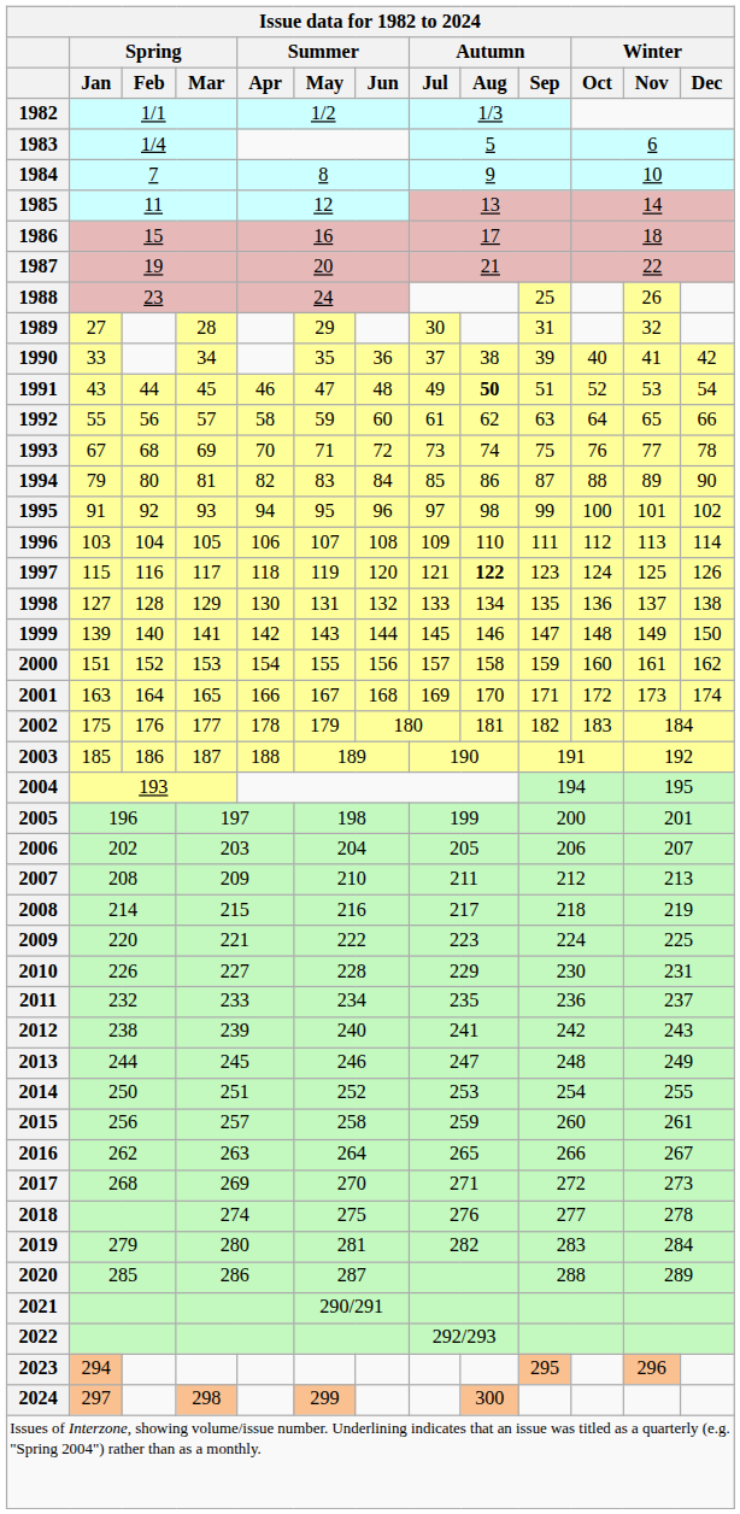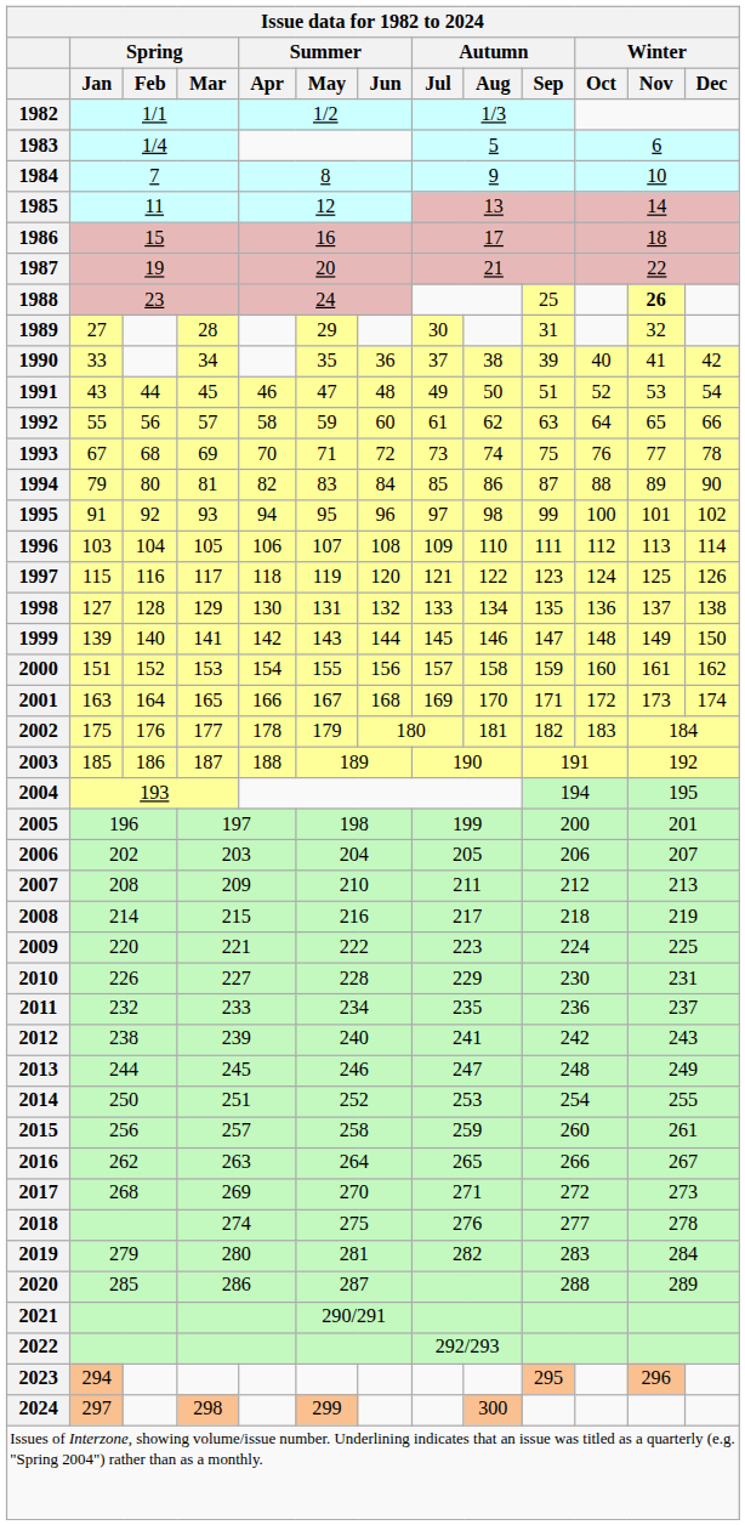 <table class="wikitable collapsible collapsed" style="max-width:500px; font-size: 10pt; line-height: 11pt; margin-left: 2em; text-align: center; float: right">
 <tr>
 <th colspan="13">Issue data for 1982 to 2024</th>
 </tr>
 <tr>
 <th></th>
 <th colspan="3">Spring</th>
 <th colspan="3">Summer</th>
 <th colspan="3">Autumn</th>
 <th colspan="3">Winter</th>
 </tr>
 <tr>
 <th></th>
 <th>Jan</th>
 <th>Feb</th>
 <th>Mar</th>
 <th>Apr</th>
 <th>May</th>
 <th>Jun</th>
 <th>Jul</th>
 <th>Aug</th>
 <th>Sep</th>
 <th>Oct</th>
 <th>Nov</th>
 <th>Dec</th>
 </tr>
 <tr>
 <th>1982</th>
 <td colspan="3" bgcolor="#ccffff"><u>1/1</u></td>
 <td colspan="3" bgcolor="#ccffff"><u>1/2</u></td>
 <td colspan="3" bgcolor="#ccffff"><u>1/3</u></td>
 <td colspan="3"></td>
 </tr>
 <tr>
 <th>1983</th>
 <td colspan="3" bgcolor="#ccffff"><u>1/4</u></td>
 <td colspan="3"></td>
 <td colspan="3" bgcolor="#ccffff"><u>5</u></td>
 <td colspan="3" bgcolor="#ccffff"><u>6</u></td>
 </tr>
 <tr>
 <th>1984</th>
 <td colspan="3" bgcolor="#ccffff"><u>7</u></td>
 <td colspan="3" bgcolor="#ccffff"><u>8</u></td>
 <td colspan="3" bgcolor="#ccffff"><u>9</u></td>
 <td colspan="3" bgcolor="#ccffff"><u>10</u></td>
 </tr>
 <tr>
 <th>1985</th>
 <td colspan="3" bgcolor="#ccffff"><u>11</u></td>
 <td colspan="3" bgcolor="#ccffff"><u>12</u></td>
 <td colspan="3" bgcolor="#e6b9b8"><u>13</u></td>
 <td colspan="3" bgcolor="#e6b9b8"><u>14</u></td>
 </tr>
 <tr>
 <th>1986</th>
 <td colspan="3" bgcolor="#e6b9b8"><u>15</u></td>
 <td colspan="3" bgcolor="#e6b9b8"><u>16</u></td>
 <td colspan="3" bgcolor="#e6b9b8"><u>17</u></td>
 <td colspan="3" bgcolor="#e6b9b8"><u>18</u></td>
 </tr>
 <tr>
 <th>1987</th>
 <td colspan="3" bgcolor="#e6b9b8"><u>19</u></td>
 <td colspan="3" bgcolor="#e6b9b8"><u>20</u></td>
 <td colspan="3" bgcolor="#e6b9b8"><u>21</u></td>
 <td colspan="3" bgcolor="#e6b9b8"><u>22</u></td>
 </tr>
 <tr>
 <th>1988</th>
 <td colspan="3" bgcolor="#e6b9b8"><u>23</u></td>
 <td colspan="3" bgcolor="#e6b9b8"><u>24</u></td>
 <td colspan="2"></td>
 <td bgcolor="#ffff99">25</td>
 <td></td>
-<td bgcolor="#ffff99">26</td>
+<td bgcolor="#ffff99"><strong>26</strong></td>
 <td></td>
 </tr>
 <tr>
 <th>1989</th>
 <td bgcolor="#ffff99">27</td>
 <td></td>
 <td bgcolor="#ffff99">28</td>
 <td></td>
 <td bgcolor="#ffff99">29</td>
 <td></td>
 <td bgcolor="#ffff99">30</td>
 <td></td>
 <td bgcolor="#ffff99">31</td>
 <td></td>
 <td bgcolor="#ffff99">32</td>
 <td></td>
 </tr>
 <tr>
 <th>1990</th>
 <td bgcolor="#ffff99">33</td>
 <td></td>
 <td bgcolor="#ffff99">34</td>
 <td></td>
 <td bgcolor="#ffff99">35</td>
 <td bgcolor="#ffff99">36</td>
 <td bgcolor="#ffff99">37</td>
 <td bgcolor="#ffff99">38</td>
 <td bgcolor="#ffff99">39</td>
 <td bgcolor="#ffff99">40</td>
 <td bgcolor="#ffff99">41</td>
 <td bgcolor="#ffff99">42</td>
 </tr>
 <tr>
 <th>1991</th>
 <td bgcolor="#ffff99">43</td>
 <td bgcolor="#ffff99">44</td>
 <td bgcolor="#ffff99">45</td>
 <td bgcolor="#ffff99">46</td>
 <td bgcolor="#ffff99">47</td>
 <td bgcolor="#ffff99">48</td>
 <td bgcolor="#ffff99">49</td>
-<td bgcolor="#ffff99"><strong>50</strong></td>
+<td bgcolor="#ffff99">50</td>
 <td bgcolor="#ffff99">51</td>
 <td bgcolor="#ffff99">52</td>
 <td bgcolor="#ffff99">53</td>
 <td bgcolor="#ffff99">54</td>
 </tr>
 <tr>
 <th>1992</th>
 <td bgcolor="#ffff99">55</td>
 <td bgcolor="#ffff99">56</td>
 <td bgcolor="#ffff99">57</td>
 <td bgcolor="#ffff99">58</td>
 <td bgcolor="#ffff99">59</td>
 <td bgcolor="#ffff99">60</td>
 <td bgcolor="#ffff99">61</td>
 <td bgcolor="#ffff99">62</td>
 <td bgcolor="#ffff99">63</td>
 <td bgcolor="#ffff99">64</td>
 <td bgcolor="#ffff99">65</td>
 <td bgcolor="#ffff99">66</td>
 </tr>
 <tr>
 <th>1993</th>
 <td bgcolor="#ffff99">67</td>
 <td bgcolor="#ffff99">68</td>
 <td bgcolor="#ffff99">69</td>
 <td bgcolor="#ffff99">70</td>
 <td bgcolor="#ffff99">71</td>
 <td bgcolor="#ffff99">72</td>
 <td bgcolor="#ffff99">73</td>
 <td bgcolor="#ffff99">74</td>
 <td bgcolor="#ffff99">75</td>
 <td bgcolor="#ffff99">76</td>
 <td bgcolor="#ffff99">77</td>
 <td bgcolor="#ffff99">78</td>
 </tr>
 <tr>
 <th>1994</th>
 <td bgcolor="#ffff99">79</td>
 <td bgcolor="#ffff99">80</td>
 <td bgcolor="#ffff99">81</td>
 <td bgcolor="#ffff99">82</td>
 <td bgcolor="#ffff99">83</td>
 <td bgcolor="#ffff99">84</td>
 <td bgcolor="#ffff99">85</td>
 <td bgcolor="#ffff99">86</td>
 <td bgcolor="#ffff99">87</td>
 <td bgcolor="#ffff99">88</td>
 <td bgcolor="#ffff99">89</td>
 <td bgcolor="#ffff99">90</td>
 </tr>
 <tr>
 <th>1995</th>
 <td bgcolor="#ffff99">91</td>
 <td bgcolor="#ffff99">92</td>
 <td bgcolor="#ffff99">93</td>
 <td bgcolor="#ffff99">94</td>
 <td bgcolor="#ffff99">95</td>
 <td bgcolor="#ffff99">96</td>
 <td bgcolor="#ffff99">97</td>
 <td bgcolor="#ffff99">98</td>
 <td bgcolor="#ffff99">99</td>
 <td bgcolor="#ffff99">100</td>
 <td bgcolor="#ffff99">101</td>
 <td bgcolor="#ffff99">102</td>
 </tr>
 <tr>
 <th>1996</th>
 <td bgcolor="#ffff99">103</td>
 <td bgcolor="#ffff99">104</td>
 <td bgcolor="#ffff99">105</td>
 <td bgcolor="#ffff99">106</td>
 <td bgcolor="#ffff99">107</td>
 <td bgcolor="#ffff99">108</td>
 <td bgcolor="#ffff99">109</td>
 <td bgcolor="#ffff99">110</td>
 <td bgcolor="#ffff99">111</td>
 <td bgcolor="#ffff99">112</td>
 <td bgcolor="#ffff99">113</td>
 <td bgcolor="#ffff99">114</td>
 </tr>
 <tr>
 <th>1997</th>
 <td bgcolor="#ffff99">115</td>
 <td bgcolor="#ffff99">116</td>
 <td bgcolor="#ffff99">117</td>
 <td bgcolor="#ffff99">118</td>
 <td bgcolor="#ffff99">119</td>
 <td bgcolor="#ffff99">120</td>
 <td bgcolor="#ffff99">121</td>
-<td bgcolor="#ffff99"><strong>122</strong></td>
+<td bgcolor="#ffff99">122</td>
 <td bgcolor="#ffff99">123</td>
 <td bgcolor="#ffff99">124</td>
 <td bgcolor="#ffff99">125</td>
 <td bgcolor="#ffff99">126</td>
 </tr>
 <tr>
 <th>1998</th>
 <td bgcolor="#ffff99">127</td>
 <td bgcolor="#ffff99">128</td>
 <td bgcolor="#ffff99">129</td>
 <td bgcolor="#ffff99">130</td>
 <td bgcolor="#ffff99">131</td>
 <td bgcolor="#ffff99">132</td>
 <td bgcolor="#ffff99">133</td>
 <td bgcolor="#ffff99">134</td>
 <td bgcolor="#ffff99">135</td>
 <td bgcolor="#ffff99">136</td>
 <td bgcolor="#ffff99">137</td>
 <td bgcolor="#ffff99">138</td>
 </tr>
 <tr>
 <th>1999</th>
 <td bgcolor="#ffff99">139</td>
 <td bgcolor="#ffff99">140</td>
 <td bgcolor="#ffff99">141</td>
 <td bgcolor="#ffff99">142</td>
 <td bgcolor="#ffff99">143</td>
 <td bgcolor="#ffff99">144</td>
 <td bgcolor="#ffff99">145</td>
 <td bgcolor="#ffff99">146</td>
 <td bgcolor="#ffff99">147</td>
 <td bgcolor="#ffff99">148</td>
 <td bgcolor="#ffff99">149</td>
 <td bgcolor="#ffff99">150</td>
 </tr>
 <tr>
 <th>2000</th>
 <td bgcolor="#ffff99">151</td>
 <td bgcolor="#ffff99">152</td>
 <td bgcolor="#ffff99">153</td>
 <td bgcolor="#ffff99">154</td>
 <td bgcolor="#ffff99">155</td>
 <td bgcolor="#ffff99">156</td>
 <td bgcolor="#ffff99">157</td>
 <td bgcolor="#ffff99">158</td>
 <td bgcolor="#ffff99">159</td>
 <td bgcolor="#ffff99">160</td>
 <td bgcolor="#ffff99">161</td>
 <td bgcolor="#ffff99">162</td>
 </tr>
 <tr>
 <th>2001</th>
 <td bgcolor="#ffff99">163</td>
 <td bgcolor="#ffff99">164</td>
 <td bgcolor="#ffff99">165</td>
 <td bgcolor="#ffff99">166</td>
 <td bgcolor="#ffff99">167</td>
 <td bgcolor="#ffff99">168</td>
 <td bgcolor="#ffff99">169</td>
 <td bgcolor="#ffff99">170</td>
 <td bgcolor="#ffff99">171</td>
 <td bgcolor="#ffff99">172</td>
 <td bgcolor="#ffff99">173</td>
 <td bgcolor="#ffff99">174</td>
 </tr>
 <tr>
 <th>2002</th>
 <td bgcolor="#ffff99">175</td>
 <td bgcolor="#ffff99">176</td>
 <td bgcolor="#ffff99">177</td>
 <td bgcolor="#ffff99">178</td>
 <td bgcolor="#ffff99">179</td>
 <td colspan="2" bgcolor="#ffff99">180</td>
 <td bgcolor="#ffff99">181</td>
 <td bgcolor="#ffff99">182</td>
 <td bgcolor="#ffff99">183</td>
 <td colspan="2" bgcolor="#ffff99">184</td>
 </tr>
 <tr>
 <th>2003</th>
 <td bgcolor="#ffff99">185</td>
 <td bgcolor="#ffff99">186</td>
 <td bgcolor="#ffff99">187</td>
 <td bgcolor="#ffff99">188</td>
 <td colspan="2" bgcolor="#ffff99">189</td>
 <td colspan="2" bgcolor="#ffff99">190</td>
 <td colspan="2" bgcolor="#ffff99">191</td>
 <td colspan="2" bgcolor="#ffff99">192</td>
 </tr>
 <tr>
 <th>2004</th>
 <td colspan="3" bgcolor="#ffff99"><u>193</u></td>
 <td colspan="5"></td>
 <td colspan="2" bgcolor="#c3f9bf">194</td>
 <td colspan="2" bgcolor="#c3f9bf">195</td>
 </tr>
 <tr>
 <th>2005</th>
 <td colspan="2" bgcolor="#c3f9bf">196</td>
 <td colspan="2" bgcolor="#c3f9bf">197</td>
 <td colspan="2" bgcolor="#c3f9bf">198</td>
 <td colspan="2" bgcolor="#c3f9bf">199</td>
 <td colspan="2" bgcolor="#c3f9bf">200</td>
 <td colspan="2" bgcolor="#c3f9bf">201</td>
 </tr>
 <tr>
 <th>2006</th>
 <td colspan="2" bgcolor="#c3f9bf">202</td>
 <td colspan="2" bgcolor="#c3f9bf">203</td>
 <td colspan="2" bgcolor="#c3f9bf">204</td>
 <td colspan="2" bgcolor="#c3f9bf">205</td>
 <td colspan="2" bgcolor="#c3f9bf">206</td>
 <td colspan="2" bgcolor="#c3f9bf">207</td>
 </tr>
 <tr>
 <th>2007</th>
 <td colspan="2" bgcolor="#c3f9bf">208</td>
 <td colspan="2" bgcolor="#c3f9bf">209</td>
 <td colspan="2" bgcolor="#c3f9bf">210</td>
 <td colspan="2" bgcolor="#c3f9bf">211</td>
 <td colspan="2" bgcolor="#c3f9bf">212</td>
 <td colspan="2" bgcolor="#c3f9bf">213</td>
 </tr>
 <tr>
 <th>2008</th>
 <td colspan="2" bgcolor="#c3f9bf">214</td>
 <td colspan="2" bgcolor="#c3f9bf">215</td>
 <td colspan="2" bgcolor="#c3f9bf">216</td>
 <td colspan="2" bgcolor="#c3f9bf">217</td>
 <td colspan="2" bgcolor="#c3f9bf">218</td>
 <td colspan="2" bgcolor="#c3f9bf">219</td>
 </tr>
 <tr>
 <th>2009</th>
 <td colspan="2" bgcolor="#c3f9bf">220</td>
 <td colspan="2" bgcolor="#c3f9bf">221</td>
 <td colspan="2" bgcolor="#c3f9bf">222</td>
 <td colspan="2" bgcolor="#c3f9bf">223</td>
 <td colspan="2" bgcolor="#c3f9bf">224</td>
 <td colspan="2" bgcolor="#c3f9bf">225</td>
 </tr>
 <tr>
 <th>2010</th>
 <td colspan="2" bgcolor="#c3f9bf">226</td>
 <td colspan="2" bgcolor="#c3f9bf">227</td>
 <td colspan="2" bgcolor="#c3f9bf">228</td>
 <td colspan="2" bgcolor="#c3f9bf">229</td>
 <td colspan="2" bgcolor="#c3f9bf">230</td>
 <td colspan="2" bgcolor="#c3f9bf">231</td>
 </tr>
 <tr>
 <th>2011</th>
 <td colspan="2" bgcolor="#c3f9bf">232</td>
 <td colspan="2" bgcolor="#c3f9bf">233</td>
 <td colspan="2" bgcolor="#c3f9bf">234</td>
 <td colspan="2" bgcolor="#c3f9bf">235</td>
 <td colspan="2" bgcolor="#c3f9bf">236</td>
 <td colspan="2" bgcolor="#c3f9bf">237</td>
 </tr>
 <tr>
 <th>2012</th>
 <td colspan="2" bgcolor="#c3f9bf">238</td>
 <td colspan="2" bgcolor="#c3f9bf">239</td>
 <td colspan="2" bgcolor="#c3f9bf">240</td>
 <td colspan="2" bgcolor="#c3f9bf">241</td>
 <td colspan="2" bgcolor="#c3f9bf">242</td>
 <td colspan="2" bgcolor="#c3f9bf">243</td>
 </tr>
 <tr>
 <th>2013</th>
 <td colspan="2" bgcolor="#c3f9bf">244</td>
 <td colspan="2" bgcolor="#c3f9bf">245</td>
 <td colspan="2" bgcolor="#c3f9bf">246</td>
 <td colspan="2" bgcolor="#c3f9bf">247</td>
 <td colspan="2" bgcolor="#c3f9bf">248</td>
 <td colspan="2" bgcolor="#c3f9bf">249</td>
 </tr>
 <tr>
 <th>2014</th>
 <td colspan="2" bgcolor="#c3f9bf">250</td>
 <td colspan="2" bgcolor="#c3f9bf">251</td>
 <td colspan="2" bgcolor="#c3f9bf">252</td>
 <td colspan="2" bgcolor="#c3f9bf">253</td>
 <td colspan="2" bgcolor="#c3f9bf">254</td>
 <td colspan="2" bgcolor="#c3f9bf">255</td>
 </tr>
 <tr>
 <th>2015</th>
 <td colspan="2" bgcolor="#c3f9bf">256</td>
 <td colspan="2" bgcolor="#c3f9bf">257</td>
 <td colspan="2" bgcolor="#c3f9bf">258</td>
 <td colspan="2" bgcolor="#c3f9bf">259</td>
 <td colspan="2" bgcolor="#c3f9bf">260</td>
 <td colspan="2" bgcolor="#c3f9bf">261</td>
 </tr>
 <tr>
 <th>2016</th>
 <td colspan="2" bgcolor="#c3f9bf">262</td>
 <td colspan="2" bgcolor="#c3f9bf">263</td>
 <td colspan="2" bgcolor="#c3f9bf">264</td>
 <td colspan="2" bgcolor="#c3f9bf">265</td>
 <td colspan="2" bgcolor="#c3f9bf">266</td>
 <td colspan="2" bgcolor="#c3f9bf">267</td>
 </tr>
 <tr>
 <th>2017</th>
 <td colspan="2" bgcolor="#c3f9bf">268</td>
 <td colspan="2" bgcolor="#c3f9bf">269</td>
 <td colspan="2" bgcolor="#c3f9bf">270</td>
 <td colspan="2" bgcolor="#c3f9bf">271</td>
 <td colspan="2" bgcolor="#c3f9bf">272</td>
 <td colspan="2" bgcolor="#c3f9bf">273</td>
 </tr>
 <tr>
 <th>2018</th>
 <td colspan="2" bgcolor="#c3f9bf"></td>
 <td colspan="2" bgcolor="#c3f9bf">274</td>
 <td colspan="2" bgcolor="#c3f9bf">275</td>
 <td colspan="2" bgcolor="#c3f9bf">276</td>
 <td colspan="2" bgcolor="#c3f9bf">277</td>
 <td colspan="2" bgcolor="#c3f9bf">278</td>
 </tr>
 <tr>
 <th>2019</th>
 <td colspan="2" bgcolor="#c3f9bf">279</td>
 <td colspan="2" bgcolor="#c3f9bf">280</td>
 <td colspan="2" bgcolor="#c3f9bf">281</td>
 <td colspan="2" bgcolor="#c3f9bf">282</td>
 <td colspan="2" bgcolor="#c3f9bf">283</td>
 <td colspan="2" bgcolor="#c3f9bf">284</td>
 </tr>
 <tr>
 <th>2020</th>
 <td colspan="2" bgcolor="#c3f9bf">285</td>
 <td colspan="2" bgcolor="#c3f9bf">286</td>
 <td colspan="2" bgcolor="#c3f9bf">287</td>
 <td colspan="2" bgcolor="#c3f9bf"></td>
 <td colspan="2" bgcolor="#c3f9bf">288</td>
 <td colspan="2" bgcolor="#c3f9bf">289</td>
 </tr>
 <tr>
 <th>2021</th>
 <td colspan="2" bgcolor="#c3f9bf"></td>
 <td colspan="2" bgcolor="#c3f9bf"></td>
 <td colspan="2" bgcolor="#c3f9bf">290/291</td>
 <td colspan="2" bgcolor="#c3f9bf"></td>
 <td colspan="2" bgcolor="#c3f9bf"></td>
 <td colspan="2" bgcolor="#c3f9bf"></td>
 </tr>
 <tr>
 <th>2022</th>
 <td colspan="2" bgcolor="#c3f9bf"></td>
 <td colspan="2" bgcolor="#c3f9bf"></td>
 <td colspan="2" bgcolor="#c3f9bf"></td>
 <td colspan="2" bgcolor="#c3f9bf">292/293</td>
 <td colspan="2" bgcolor="#c3f9bf"></td>
 <td colspan="2" bgcolor="#c3f9bf"></td>
 </tr>
 <tr>
 <th>2023</th>
 <td bgcolor="#fac090">294</td>
 <td></td>
 <td></td>
 <td></td>
 <td></td>
 <td></td>
 <td></td>
 <td></td>
 <td bgcolor="#fac090">295</td>
 <td></td>
 <td bgcolor="#fac090">296</td>
 <td></td>
 </tr>
 <tr>
 <th>2024</th>
 <td bgcolor="#fac090">297</td>
 <td></td>
 <td bgcolor="#fac090">298</td>
 <td></td>
 <td bgcolor="#fac090">299</td>
 <td></td>
 <td></td>
 <td bgcolor="#fac090">300</td>
 <td></td>
 <td></td>
 <td></td>
 <td></td>
 </tr>
 <tr>
 <td colspan="13" style="font-size: 8pt; text-align:left">Issues of <em>Interzone</em>, showing volume/issue number. Underlining indicates that an issue was titled as a quarterly (e.g. "Spring 2004") rather than as a monthly.<br><br>   <br></td>
 </tr>
 </table>
